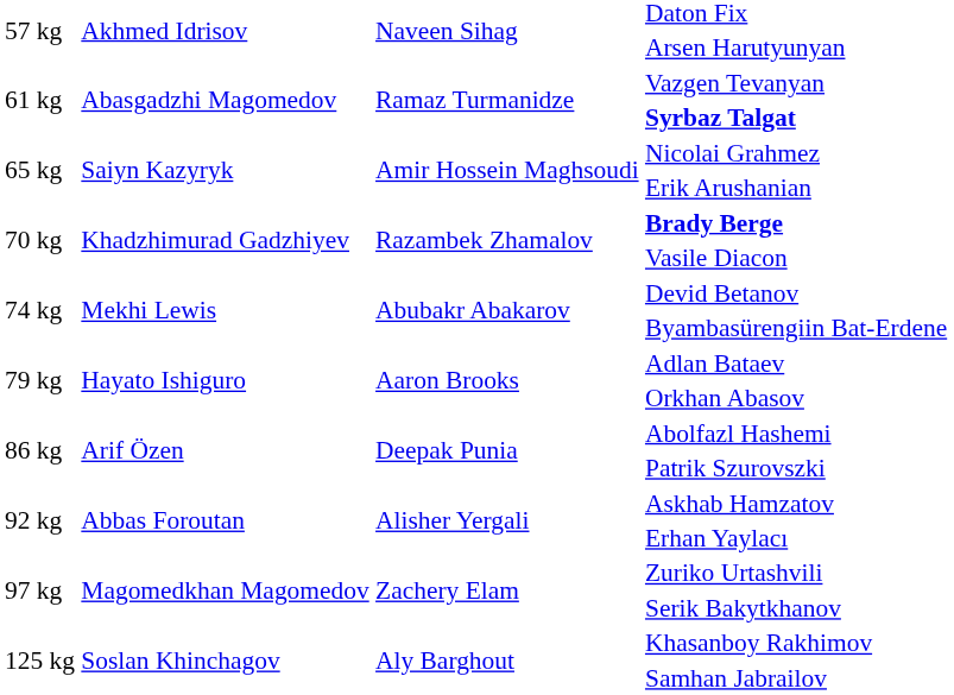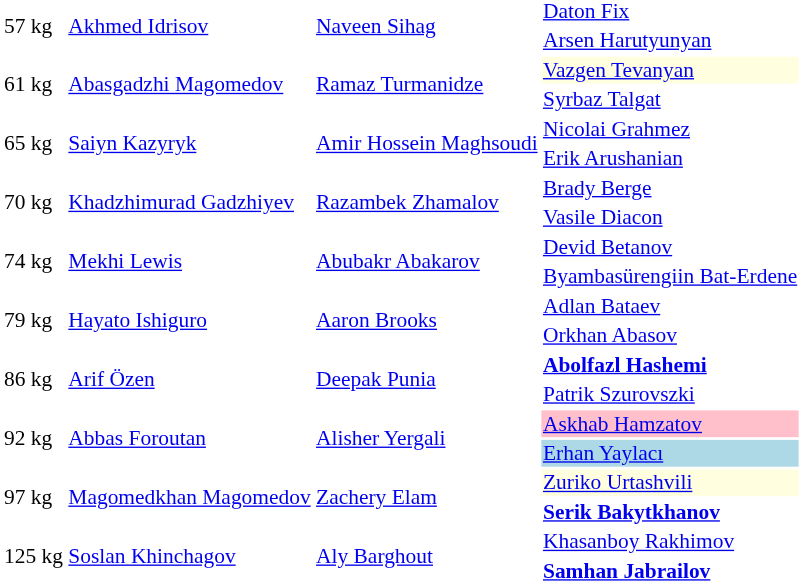 <table>
 <tr>
 <td rowspan=2>57 kg</td>
 <td rowspan=2> <a href='#'>Akhmed Idrisov</a></td>
 <td rowspan=2> <a href='#'>Naveen Sihag</a></td>
 <td> <a href='#'>Daton Fix</a></td>
 </tr>
 <tr>
 <td> <a href='#'>Arsen Harutyunyan</a></td>
 </tr>
 <tr>
 <td rowspan=2>61 kg</td>
 <td rowspan=2> <a href='#'>Abasgadzhi Magomedov</a></td>
 <td rowspan=2> <a href='#'>Ramaz Turmanidze</a></td>
-<td> <a href='#'>Vazgen Tevanyan</a></td>
+<td style="background: lightyellow;"> <a href='#'>Vazgen Tevanyan</a></td>
 </tr>
 <tr>
-<td><strong> <a href='#'>Syrbaz Talgat</a></strong></td>
+<td> <a href='#'>Syrbaz Talgat</a></td>
 </tr>
 <tr>
 <td rowspan=2>65 kg</td>
 <td rowspan=2> <a href='#'>Saiyn Kazyryk</a></td>
 <td rowspan=2> <a href='#'>Amir Hossein Maghsoudi</a></td>
 <td> <a href='#'>Nicolai Grahmez</a></td>
 </tr>
 <tr>
 <td> <a href='#'>Erik Arushanian</a></td>
 </tr>
 <tr>
 <td rowspan=2>70 kg</td>
 <td rowspan=2> <a href='#'>Khadzhimurad Gadzhiyev</a></td>
 <td rowspan=2> <a href='#'>Razambek Zhamalov</a></td>
-<td><strong> <a href='#'>Brady Berge</a></strong></td>
+<td> <a href='#'>Brady Berge</a></td>
 </tr>
 <tr>
 <td> <a href='#'>Vasile Diacon</a></td>
 </tr>
 <tr>
 <td rowspan=2>74 kg</td>
 <td rowspan=2> <a href='#'>Mekhi Lewis</a></td>
 <td rowspan=2> <a href='#'>Abubakr Abakarov</a></td>
 <td> <a href='#'>Devid Betanov</a></td>
 </tr>
 <tr>
 <td> <a href='#'>Byambasürengiin Bat-Erdene</a></td>
 </tr>
 <tr>
 <td rowspan=2>79 kg</td>
 <td rowspan=2> <a href='#'>Hayato Ishiguro</a></td>
 <td rowspan=2> <a href='#'>Aaron Brooks</a></td>
 <td> <a href='#'>Adlan Bataev</a></td>
 </tr>
 <tr>
 <td> <a href='#'>Orkhan Abasov</a></td>
 </tr>
 <tr>
 <td rowspan=2>86 kg</td>
 <td rowspan=2> <a href='#'>Arif Özen</a></td>
 <td rowspan=2> <a href='#'>Deepak Punia</a></td>
-<td> <a href='#'>Abolfazl Hashemi</a></td>
+<td><strong> <a href='#'>Abolfazl Hashemi</a></strong></td>
 </tr>
 <tr>
 <td> <a href='#'>Patrik Szurovszki</a></td>
 </tr>
 <tr>
 <td rowspan=2>92 kg</td>
 <td rowspan=2> <a href='#'>Abbas Foroutan</a></td>
 <td rowspan=2> <a href='#'>Alisher Yergali</a></td>
-<td> <a href='#'>Askhab Hamzatov</a></td>
+<td style="background: pink;"> <a href='#'>Askhab Hamzatov</a></td>
 </tr>
 <tr>
-<td> <a href='#'>Erhan Yaylacı</a></td>
+<td style="background: lightblue;"> <a href='#'>Erhan Yaylacı</a></td>
 </tr>
 <tr>
 <td rowspan=2>97 kg</td>
 <td rowspan=2> <a href='#'>Magomedkhan Magomedov</a></td>
 <td rowspan=2> <a href='#'>Zachery Elam</a></td>
-<td> <a href='#'>Zuriko Urtashvili</a></td>
+<td style="background: lightyellow;"> <a href='#'>Zuriko Urtashvili</a></td>
 </tr>
 <tr>
-<td> <a href='#'>Serik Bakytkhanov</a></td>
+<td><strong> <a href='#'>Serik Bakytkhanov</a></strong></td>
 </tr>
 <tr>
 <td rowspan=2>125 kg</td>
 <td rowspan=2> <a href='#'>Soslan Khinchagov</a></td>
 <td rowspan=2> <a href='#'>Aly Barghout</a></td>
 <td> <a href='#'>Khasanboy Rakhimov</a></td>
 </tr>
 <tr>
-<td> <a href='#'>Samhan Jabrailov</a></td>
+<td><strong> <a href='#'>Samhan Jabrailov</a></strong></td>
 </tr>
 </table>
